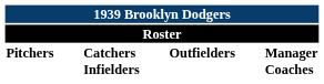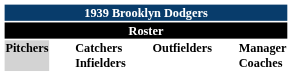 <table class="toccolours" style="font-size: 95%;">
 <tr>
 <th colspan="10" style="background-color: #083c6b; color: white; text-align: center;">1939 Brooklyn Dodgers</th>
 </tr>
 <tr>
 <td colspan="10" style="background-color: black; color: white; text-align: center;"><strong>Roster</strong></td>
 </tr>
 <tr>
-<td valign="top"><strong>Pitchers</strong><br>            </td>
+<td valign="top" style="background: lightgrey;"><strong>Pitchers</strong><br>            </td>
 <td width="25px"></td>
 <td valign="top"><strong>Catchers</strong><br>    <strong>Infielders</strong>       </td>
 <td width="25px"></td>
 <td valign="top"><strong>Outfielders</strong><br>           </td>
 <td width="25px"></td>
 <td valign="top"><strong>Manager</strong><br> <strong>Coaches</strong>  </td>
 </tr>
 </table>
